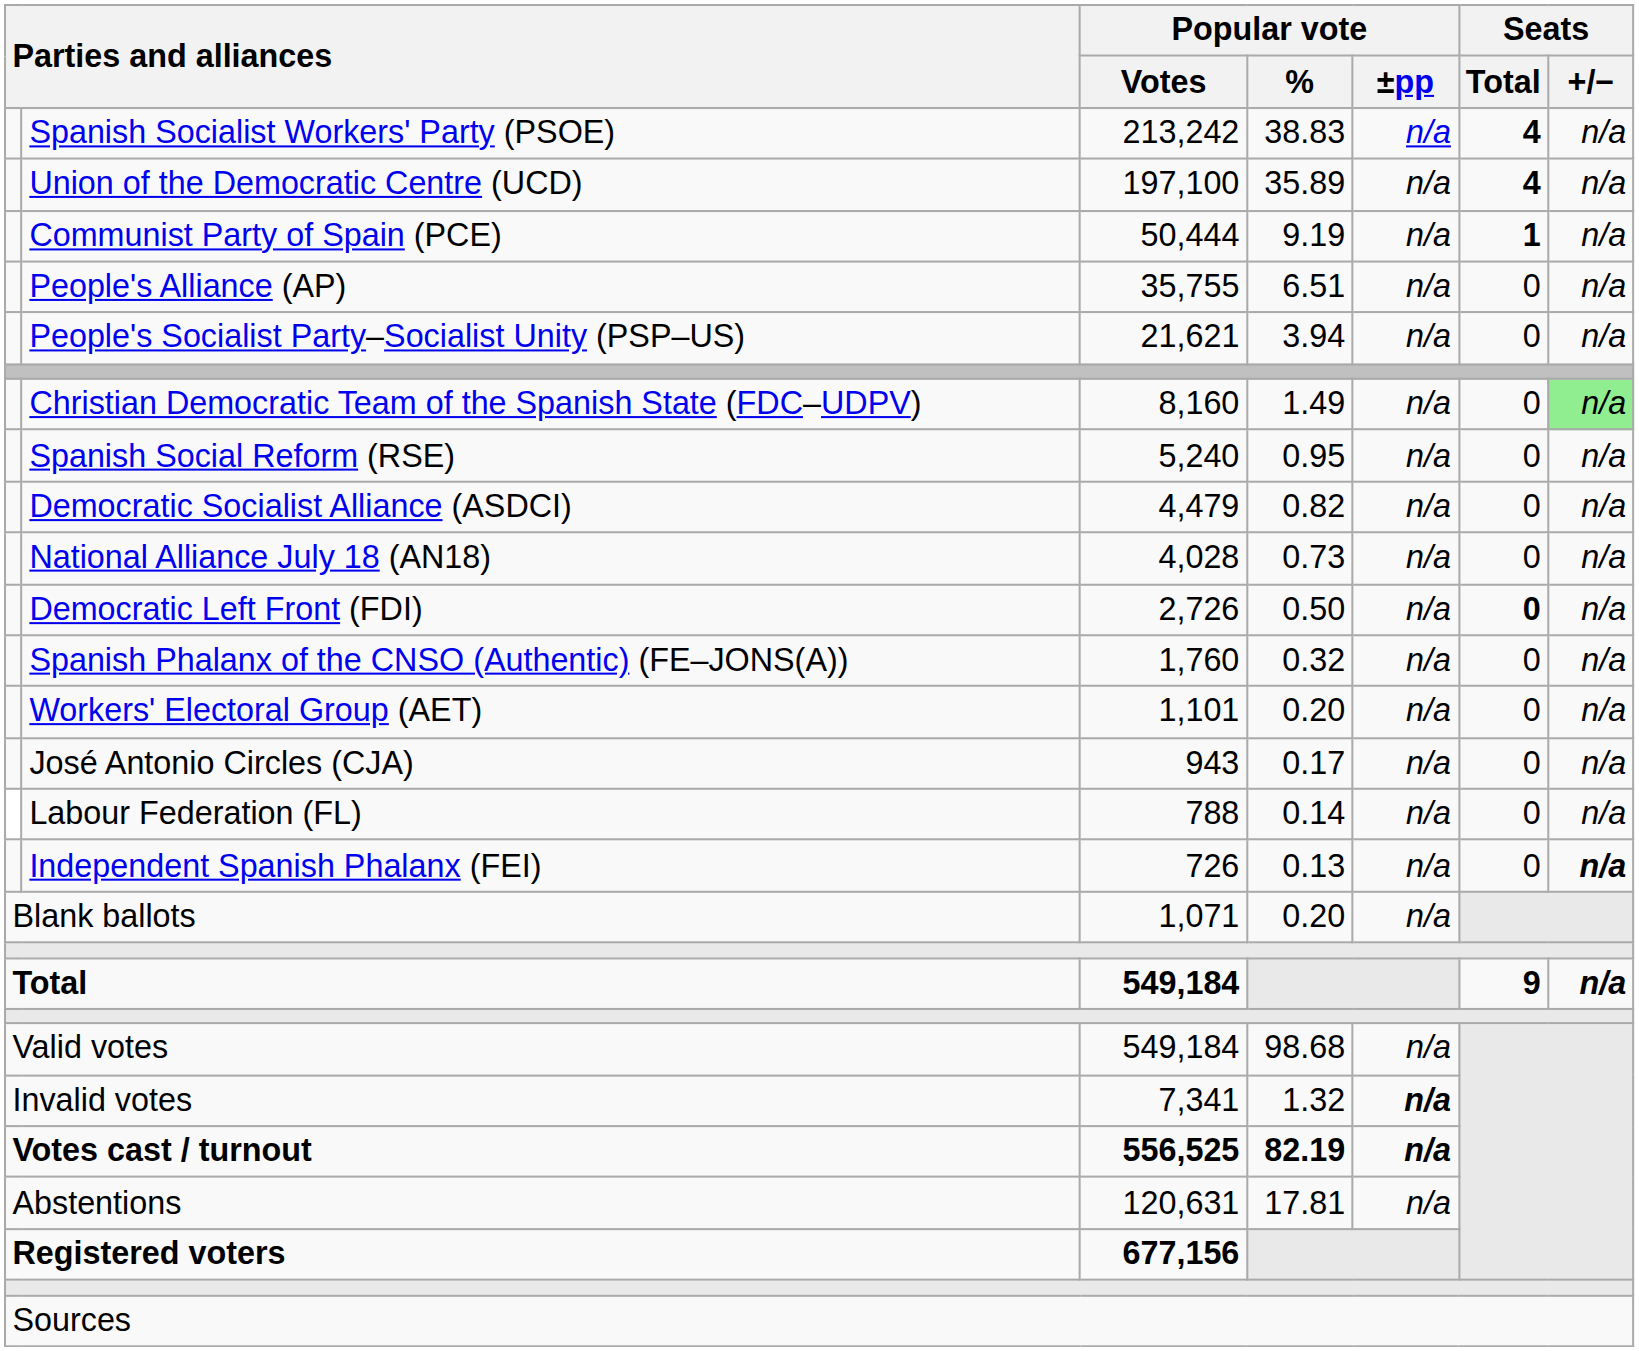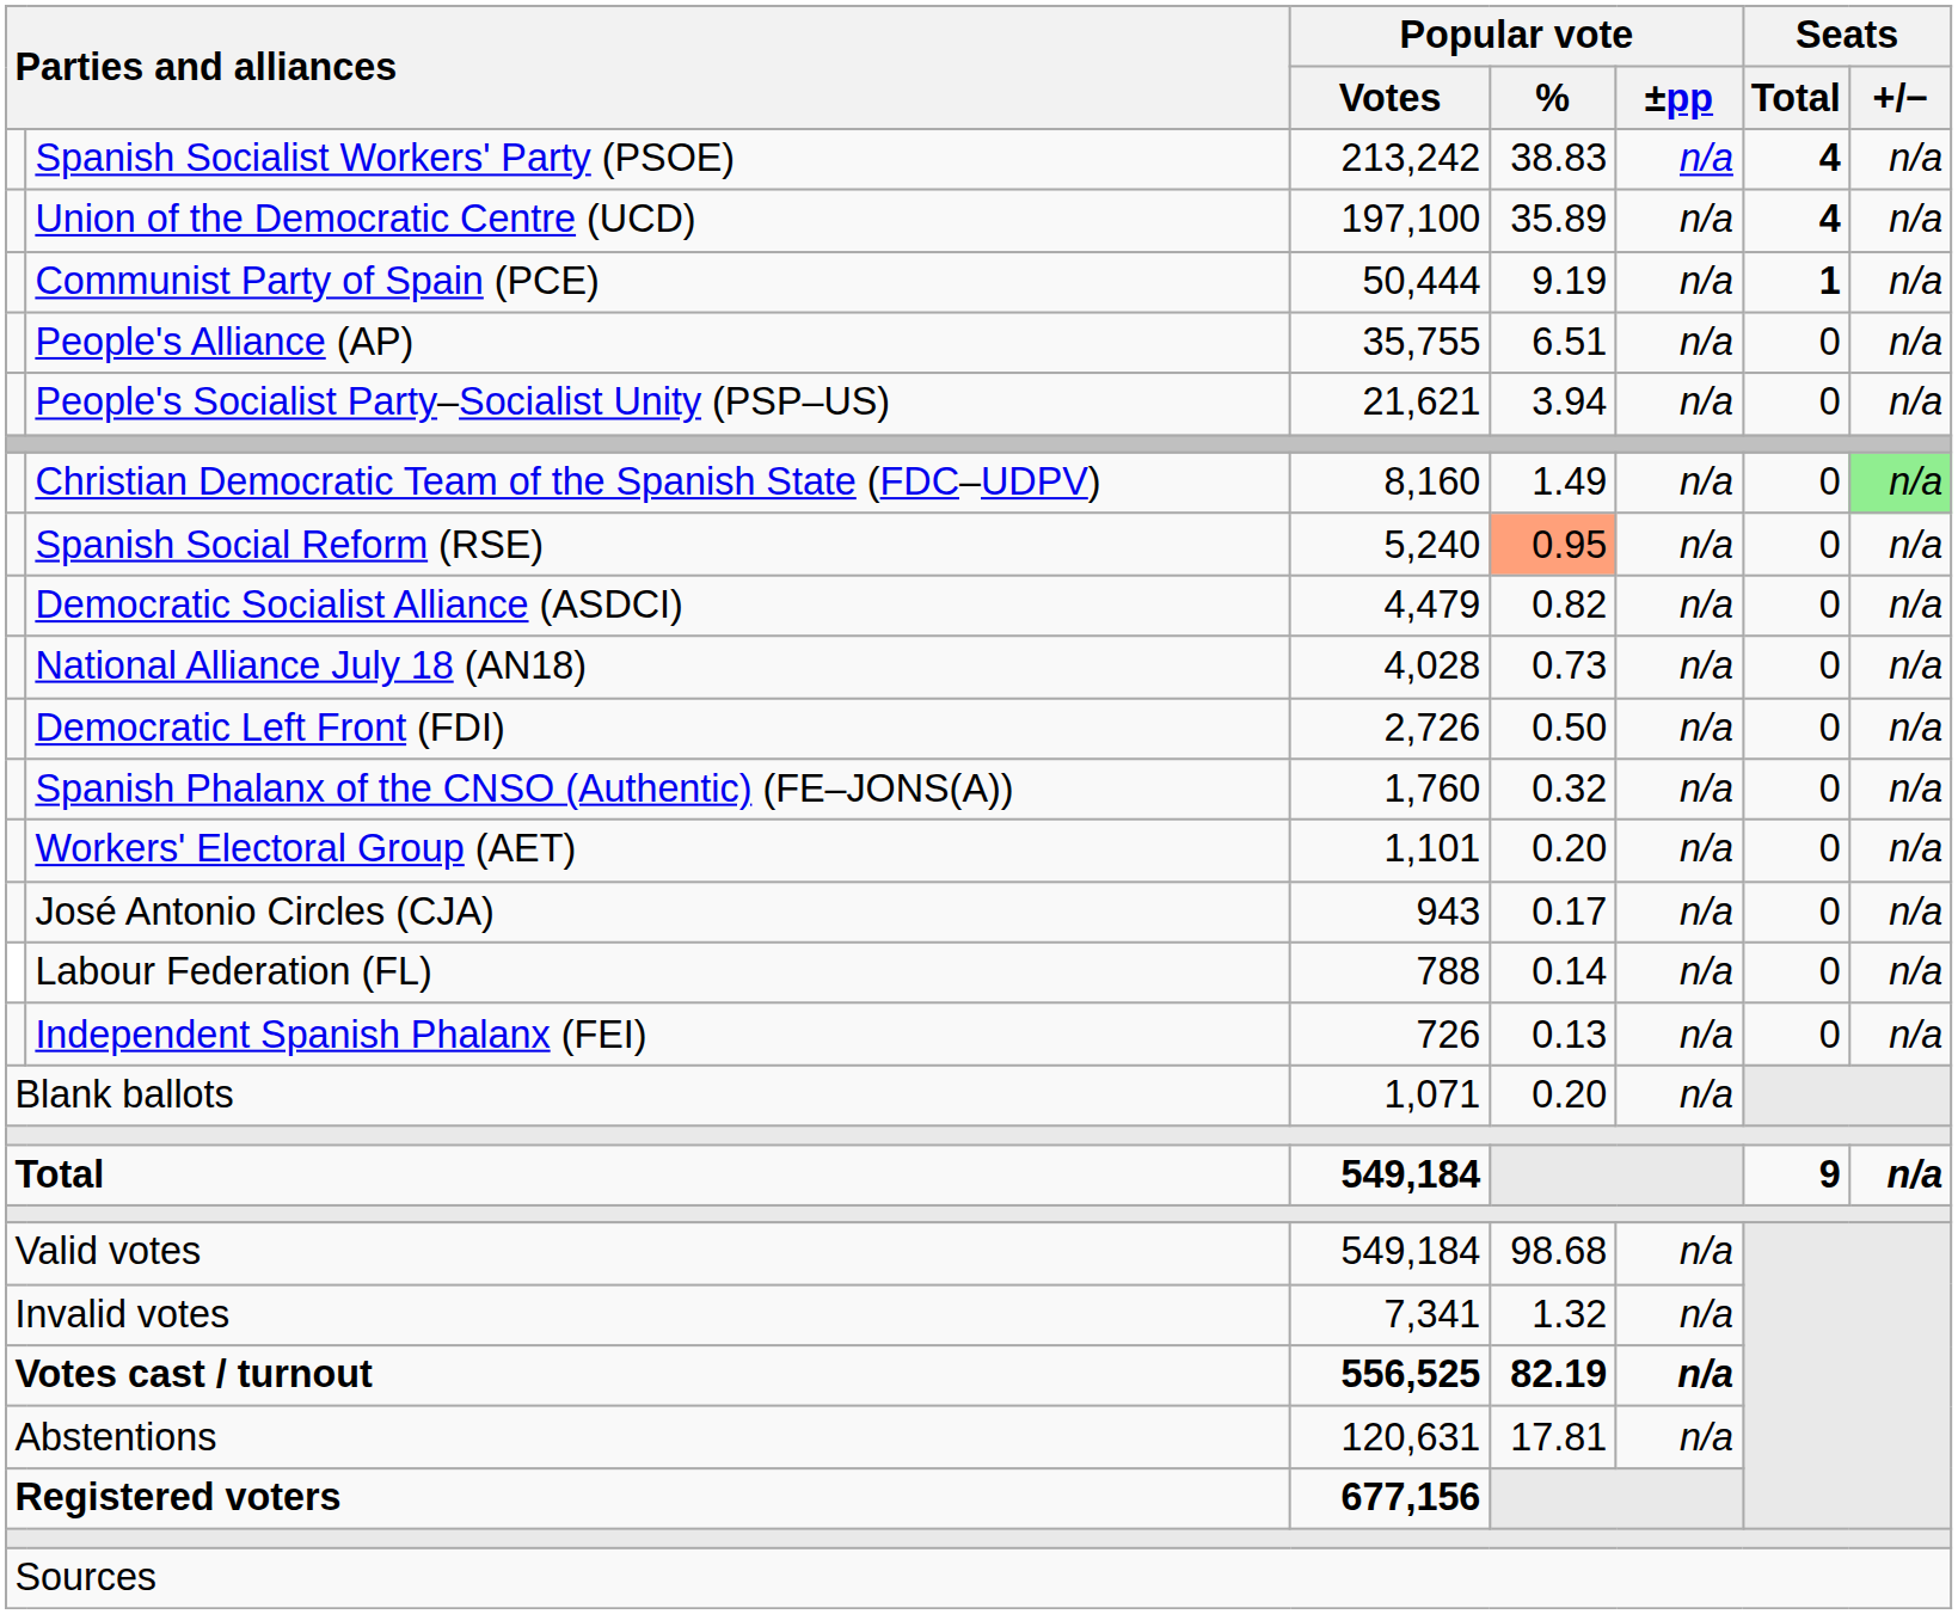 <table class="wikitable" style="text-align:right;">
 <tr>
 <th style="text-align:left;" rowspan="2" colspan="2" width="525">Parties and alliances</th>
 <th colspan="3">Popular vote</th>
 <th colspan="2">Seats</th>
 </tr>
 <tr>
 <th width="75">Votes</th>
 <th width="45">%</th>
 <th width="45">±<a href='#'>pp</a></th>
 <th width="35">Total</th>
 <th width="35">+/−</th>
 </tr>
 <tr>
 <td width="1" style="color:inherit;background:"></td>
 <td align="left"><a href='#'>Spanish Socialist Workers' Party</a> (PSOE)</td>
 <td>213,242</td>
 <td>38.83</td>
 <td><em><a href='#'>n/a</a></em></td>
 <td><strong>4</strong></td>
 <td><em>n/a</em></td>
 </tr>
 <tr>
 <td style="color:inherit;background:"></td>
 <td align="left"><a href='#'>Union of the Democratic Centre</a> (UCD)</td>
 <td>197,100</td>
 <td>35.89</td>
 <td><em>n/a</em></td>
 <td><strong>4</strong></td>
 <td><em>n/a</em></td>
 </tr>
 <tr>
 <td style="color:inherit;background:"></td>
 <td align="left"><a href='#'>Communist Party of Spain</a> (PCE)</td>
 <td>50,444</td>
 <td>9.19</td>
 <td><em>n/a</em></td>
 <td><strong>1</strong></td>
 <td><em>n/a</em></td>
 </tr>
 <tr>
 <td style="color:inherit;background:"></td>
 <td align="left"><a href='#'>People's Alliance</a> (AP)</td>
 <td>35,755</td>
 <td>6.51</td>
 <td><em>n/a</em></td>
 <td>0</td>
 <td><em>n/a</em></td>
 </tr>
 <tr>
 <td style="color:inherit;background:"></td>
 <td align="left"><a href='#'>People's Socialist Party</a>–<a href='#'>Socialist Unity</a> (PSP–US)</td>
 <td>21,621</td>
 <td>3.94</td>
 <td><em>n/a</em></td>
 <td>0</td>
 <td><em>n/a</em></td>
 </tr>
 <tr>
 <td colspan="7" bgcolor="#C0C0C0"></td>
 </tr>
 <tr>
 <td style="color:inherit;background:"></td>
 <td align="left"><a href='#'>Christian Democratic Team of the Spanish State</a> (<a href='#'>FDC</a>–<a href='#'>UDPV</a>)</td>
 <td>8,160</td>
 <td>1.49</td>
 <td><em>n/a</em></td>
 <td>0</td>
 <td style="background: lightgreen;"><em>n/a</em></td>
 </tr>
 <tr>
 <td style="color:inherit;background:"></td>
 <td align="left"><a href='#'>Spanish Social Reform</a> (RSE)</td>
 <td>5,240</td>
-<td>0.95</td>
+<td style="background: lightsalmon;">0.95</td>
 <td><em>n/a</em></td>
 <td>0</td>
 <td><em>n/a</em></td>
 </tr>
 <tr>
 <td style="color:inherit;background:"></td>
 <td align="left"><a href='#'>Democratic Socialist Alliance</a> (ASDCI)</td>
 <td>4,479</td>
 <td>0.82</td>
 <td><em>n/a</em></td>
 <td>0</td>
 <td><em>n/a</em></td>
 </tr>
 <tr>
 <td style="color:inherit;background:"></td>
 <td align="left"><a href='#'>National Alliance July 18</a> (AN18)</td>
 <td>4,028</td>
 <td>0.73</td>
 <td><em>n/a</em></td>
 <td>0</td>
 <td><em>n/a</em></td>
 </tr>
 <tr>
 <td style="color:inherit;background:"></td>
 <td align="left"><a href='#'>Democratic Left Front</a> (FDI)</td>
 <td>2,726</td>
 <td>0.50</td>
 <td><em>n/a</em></td>
-<td><strong>0</strong></td>
+<td>0</td>
 <td><em>n/a</em></td>
 </tr>
 <tr>
 <td style="color:inherit;background:"></td>
 <td align="left"><a href='#'>Spanish Phalanx of the CNSO (Authentic)</a> (FE–JONS(A))</td>
 <td>1,760</td>
 <td>0.32</td>
 <td><em>n/a</em></td>
 <td>0</td>
 <td><em>n/a</em></td>
 </tr>
 <tr>
 <td style="color:inherit;background:"></td>
 <td align="left"><a href='#'>Workers' Electoral Group</a> (AET)</td>
 <td>1,101</td>
 <td>0.20</td>
 <td><em>n/a</em></td>
 <td>0</td>
 <td><em>n/a</em></td>
 </tr>
 <tr>
 <td style="color:inherit;background:"></td>
 <td align="left">José Antonio Circles (CJA)</td>
 <td>943</td>
 <td>0.17</td>
 <td><em>n/a</em></td>
 <td>0</td>
 <td><em>n/a</em></td>
 </tr>
 <tr>
 <td bgcolor="white"></td>
 <td align="left">Labour Federation (FL)</td>
 <td>788</td>
 <td>0.14</td>
 <td><em>n/a</em></td>
 <td>0</td>
 <td><em>n/a</em></td>
 </tr>
 <tr>
 <td style="color:inherit;background:"></td>
 <td align="left"><a href='#'>Independent Spanish Phalanx</a> (FEI)</td>
 <td>726</td>
 <td>0.13</td>
 <td><em>n/a</em></td>
 <td>0</td>
-<td><strong><em>n/a</em></strong></td>
+<td><em>n/a</em></td>
 </tr>
 <tr>
 <td align="left" colspan="2">Blank ballots</td>
 <td>1,071</td>
 <td>0.20</td>
 <td><em>n/a</em></td>
 <td bgcolor="#E9E9E9" colspan="2"></td>
 </tr>
 <tr>
 <td colspan="7" bgcolor="#E9E9E9"></td>
 </tr>
 <tr style="font-weight:bold;">
 <td align="left" colspan="2">Total</td>
 <td>549,184</td>
 <td bgcolor="#E9E9E9" colspan="2"></td>
 <td>9</td>
 <td><em>n/a</em></td>
 </tr>
 <tr>
 <td colspan="7" bgcolor="#E9E9E9"></td>
 </tr>
 <tr>
 <td align="left" colspan="2">Valid votes</td>
 <td>549,184</td>
 <td>98.68</td>
 <td><em>n/a</em></td>
 <td bgcolor="#E9E9E9" colspan="2" rowspan="5"></td>
 </tr>
 <tr>
 <td align="left" colspan="2">Invalid votes</td>
 <td>7,341</td>
 <td>1.32</td>
-<td><strong><em>n/a</em></strong></td>
+<td><em>n/a</em></td>
 </tr>
 <tr style="font-weight:bold;">
 <td align="left" colspan="2">Votes cast / turnout</td>
 <td>556,525</td>
 <td>82.19</td>
 <td><em>n/a</em></td>
 </tr>
 <tr>
 <td align="left" colspan="2">Abstentions</td>
 <td>120,631</td>
 <td>17.81</td>
 <td><em>n/a</em></td>
 </tr>
 <tr style="font-weight:bold;">
 <td align="left" colspan="2">Registered voters</td>
 <td>677,156</td>
 <td bgcolor="#E9E9E9" colspan="2"></td>
 </tr>
 <tr>
 <td colspan="7" bgcolor="#E9E9E9"></td>
 </tr>
 <tr>
 <td align="left" colspan="7">Sources</td>
 </tr>
 </table>
